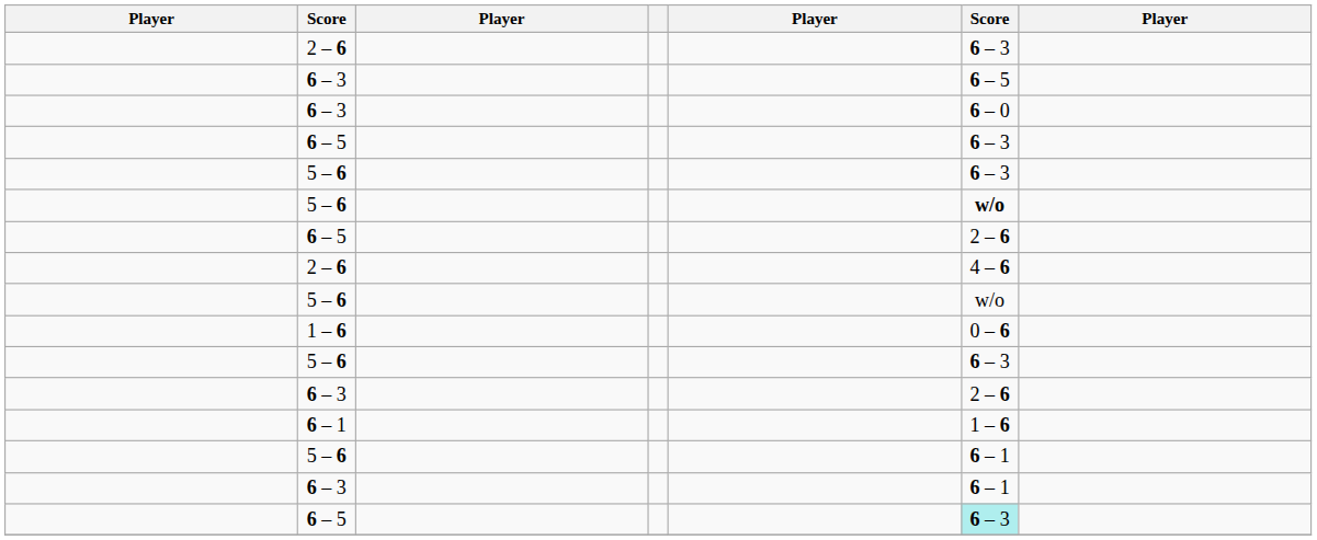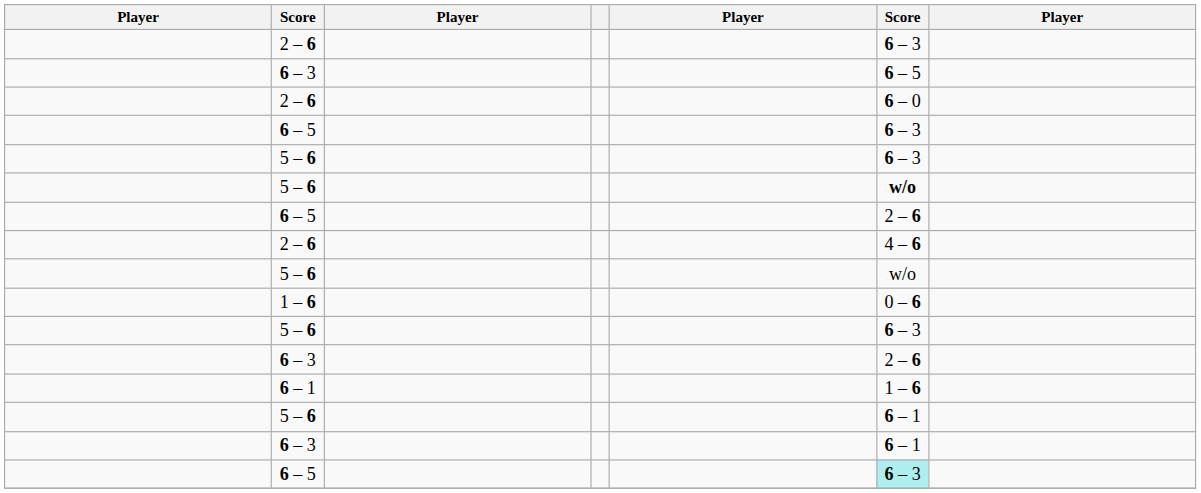 <table class="wikitable">
 <tr style="font-size:10pt;font-weight:bold">
 <th width=230>Player</th>
 <th width=40>Score</th>
 <th width=230>Player</th>
 <th width=10></th>
 <th width=230>Player</th>
 <th width=40>Score</th>
 <th width=230>Player</th>
 </tr>
 <tr>
 <td align=right></td>
 <td align=center>2 – <strong>6</strong></td>
 <td></td>
 <td></td>
 <td align=right></td>
 <td align=center><strong>6</strong> – 3</td>
 <td></td>
 </tr>
 <tr>
 <td align=right></td>
 <td align=center><strong>6</strong> – 3</td>
 <td></td>
 <td></td>
 <td align=right></td>
 <td align=center><strong>6</strong> – 5</td>
 <td></td>
 </tr>
 <tr>
 <td align=right></td>
-<td align=center><strong>6</strong> – 3</td>
+<td align=center>2 – <strong>6</strong></td>
 <td></td>
 <td></td>
 <td align=right></td>
 <td align=center><strong>6</strong> – 0</td>
 <td></td>
 </tr>
 <tr>
 <td align=right></td>
 <td align=center><strong>6</strong> – 5</td>
 <td></td>
 <td></td>
 <td align=right></td>
 <td align=center><strong>6</strong> – 3</td>
 <td></td>
 </tr>
 <tr>
 <td align=right></td>
 <td align=center>5 – <strong>6</strong></td>
 <td></td>
 <td></td>
 <td align=right></td>
 <td align=center><strong>6</strong> – 3</td>
 <td></td>
 </tr>
 <tr>
 <td align=right></td>
 <td align=center>5 – <strong>6</strong></td>
 <td></td>
 <td></td>
 <td align=right></td>
 <td align=center><strong>w/o</strong></td>
 <td></td>
 </tr>
 <tr>
 <td align=right></td>
 <td align=center><strong>6</strong> – 5</td>
 <td></td>
 <td></td>
 <td align=right></td>
 <td align=center>2 – <strong>6</strong></td>
 <td></td>
 </tr>
 <tr>
 <td align=right></td>
 <td align=center>2 – <strong>6</strong></td>
 <td></td>
 <td></td>
 <td align=right></td>
 <td align=center>4 – <strong>6</strong></td>
 <td></td>
 </tr>
 <tr>
 <td align=right></td>
 <td align=center>5 – <strong>6</strong></td>
 <td></td>
 <td></td>
 <td align=right></td>
 <td align=center>w/o</td>
 <td></td>
 </tr>
 <tr>
 <td align=right></td>
 <td align=center>1 – <strong>6</strong></td>
 <td></td>
 <td></td>
 <td align=right></td>
 <td align=center>0 – <strong>6</strong></td>
 <td></td>
 </tr>
 <tr>
 <td align=right></td>
 <td align=center>5 – <strong>6</strong></td>
 <td></td>
 <td></td>
 <td align=right></td>
 <td align=center><strong>6</strong> – 3</td>
 <td></td>
 </tr>
 <tr>
 <td align=right></td>
 <td align=center><strong>6</strong> – 3</td>
 <td></td>
 <td></td>
 <td align=right></td>
 <td align=center>2 – <strong>6</strong></td>
 <td></td>
 </tr>
 <tr>
 <td align=right></td>
 <td align=center><strong>6</strong> – 1</td>
 <td></td>
 <td></td>
 <td align=right></td>
 <td align=center>1 – <strong>6</strong></td>
 <td></td>
 </tr>
 <tr>
 <td align=right></td>
 <td align=center>5 – <strong>6</strong></td>
 <td></td>
 <td></td>
 <td align=right></td>
 <td align=center><strong>6</strong> – 1</td>
 <td></td>
 </tr>
 <tr>
 <td align=right></td>
 <td align=center><strong>6</strong> – 3</td>
 <td></td>
 <td></td>
 <td align=right></td>
 <td align=center><strong>6</strong> – 1</td>
 <td></td>
 </tr>
 <tr>
 <td align=right></td>
 <td align=center><strong>6</strong> – 5</td>
 <td></td>
 <td></td>
 <td align=right></td>
 <td align=center style="background: paleturquoise;"><strong>6</strong> – 3</td>
 <td></td>
 </tr>
 <tr>
 </tr>
 </table>
